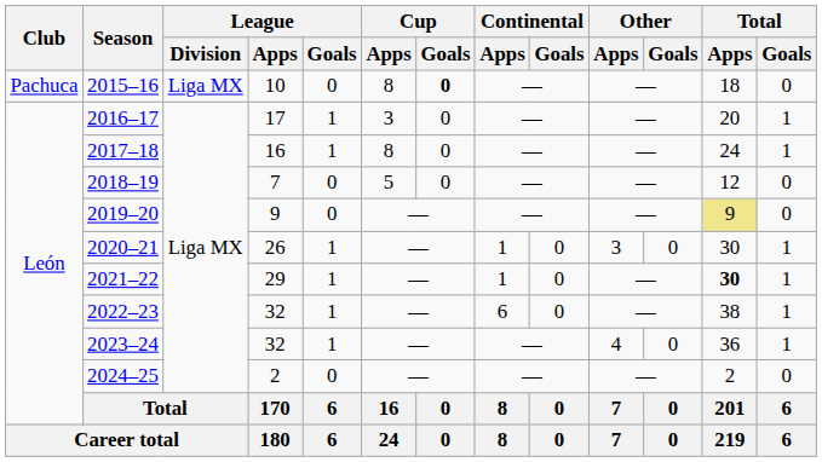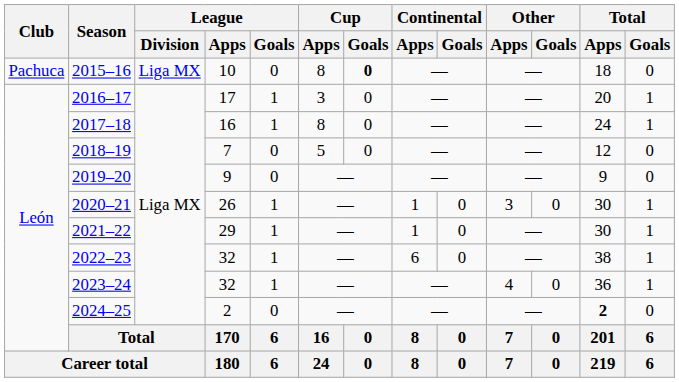 <table class="wikitable" style="text-align:center">
 <tr>
 <th rowspan="2">Club</th>
 <th rowspan="2">Season</th>
 <th colspan="3">League</th>
 <th colspan="2">Cup</th>
 <th colspan="2">Continental</th>
 <th colspan="2">Other</th>
 <th colspan="2">Total</th>
 </tr>
 <tr>
 <th>Division</th>
 <th>Apps</th>
 <th>Goals</th>
 <th>Apps</th>
 <th>Goals</th>
 <th>Apps</th>
 <th>Goals</th>
 <th>Apps</th>
 <th>Goals</th>
 <th>Apps</th>
 <th>Goals</th>
 </tr>
 <tr>
 <td><a href='#'>Pachuca</a></td>
 <td><a href='#'>2015–16</a></td>
 <td><a href='#'>Liga MX</a></td>
 <td>10</td>
 <td>0</td>
 <td>8</td>
 <td><strong>0</strong></td>
 <td colspan=2>—</td>
 <td colspan=2>—</td>
 <td>18</td>
 <td>0</td>
 </tr>
 <tr>
 <td rowspan="10"><a href='#'>León</a></td>
 <td><a href='#'>2016–17</a></td>
 <td rowspan="9">Liga MX</td>
 <td>17</td>
 <td>1</td>
 <td>3</td>
 <td>0</td>
 <td colspan=2>—</td>
 <td colspan=2>—</td>
 <td>20</td>
 <td>1</td>
 </tr>
 <tr>
 <td><a href='#'>2017–18</a></td>
 <td>16</td>
 <td>1</td>
 <td>8</td>
 <td>0</td>
 <td colspan=2>—</td>
 <td colspan=2>—</td>
 <td>24</td>
 <td>1</td>
 </tr>
 <tr>
 <td><a href='#'>2018–19</a></td>
 <td>7</td>
 <td>0</td>
 <td>5</td>
 <td>0</td>
 <td colspan=2>—</td>
 <td colspan=2>—</td>
 <td>12</td>
 <td>0</td>
 </tr>
 <tr>
 <td><a href='#'>2019–20</a></td>
 <td>9</td>
 <td>0</td>
 <td colspan=2>—</td>
 <td colspan=2>—</td>
 <td colspan=2>—</td>
-<td style="background: khaki;">9</td>
+<td>9</td>
 <td>0</td>
 </tr>
 <tr>
 <td><a href='#'>2020–21</a></td>
 <td>26</td>
 <td>1</td>
 <td colspan=2>—</td>
 <td>1</td>
 <td>0</td>
 <td>3</td>
 <td>0</td>
 <td>30</td>
 <td>1</td>
 </tr>
 <tr>
 <td><a href='#'>2021–22</a></td>
 <td>29</td>
 <td>1</td>
 <td colspan=2>—</td>
 <td>1</td>
 <td>0</td>
 <td colspan=2>—</td>
-<td><strong>30</strong></td>
+<td>30</td>
 <td>1</td>
 </tr>
 <tr>
 <td><a href='#'>2022–23</a></td>
 <td>32</td>
 <td>1</td>
 <td colspan="2">—</td>
 <td>6</td>
 <td>0</td>
 <td colspan="2">—</td>
 <td>38</td>
 <td>1</td>
 </tr>
 <tr>
 <td><a href='#'>2023–24</a></td>
 <td>32</td>
 <td>1</td>
 <td colspan=2>—</td>
 <td colspan=2>—</td>
 <td>4</td>
 <td>0</td>
 <td>36</td>
 <td>1</td>
 </tr>
 <tr>
 <td><a href='#'>2024–25</a></td>
 <td>2</td>
 <td>0</td>
 <td colspan=2>—</td>
 <td colspan=2>—</td>
 <td colspan=2>—</td>
-<td>2</td>
+<td><strong>2</strong></td>
 <td>0</td>
 </tr>
 <tr>
 <th colspan="2">Total</th>
 <th>170</th>
 <th>6</th>
 <th>16</th>
 <th>0</th>
 <th>8</th>
 <th>0</th>
 <th>7</th>
 <th>0</th>
 <th>201</th>
 <th>6</th>
 </tr>
 <tr>
 <th colspan="3">Career total</th>
 <th>180</th>
 <th>6</th>
 <th>24</th>
 <th>0</th>
 <th>8</th>
 <th>0</th>
 <th>7</th>
 <th>0</th>
 <th>219</th>
 <th>6</th>
 </tr>
 </table>
